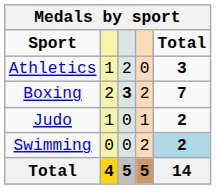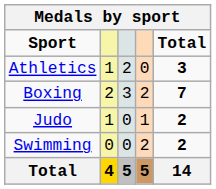 <table class="wikitable" style="font-size:85%; text-align:center;">
 <tr style="background:#efefef;">
 <th colspan=5><strong>Medals by sport</strong></th>
 </tr>
 <tr>
 <td><strong>Sport</strong></td>
 <td style="background:#f7f6a8;"></td>
 <td style="background:#dce5e5;"></td>
 <td style="background:#ffdab9;"></td>
 <td><strong>Total</strong></td>
 </tr>
 <tr>
 <td><a href='#'>Athletics</a></td>
 <td style="background:#F7F6A8;">1</td>
 <td style="background:#DCE5E5;">2</td>
 <td style="background:#FFDAB9;">0</td>
 <td><strong>3</strong></td>
 </tr>
 <tr>
 <td><a href='#'>Boxing</a></td>
 <td style="background:#F7F6A8;">2</td>
-<td style="background:#DCE5E5;"><strong>3</strong></td>
+<td style="background:#DCE5E5;">3</td>
 <td style="background:#FFDAB9;">2</td>
 <td><strong>7</strong></td>
 </tr>
 <tr>
 <td><a href='#'>Judo</a></td>
 <td style="background:#F7F6A8;">1</td>
 <td style="background:#DCE5E5;">0</td>
 <td style="background:#FFDAB9;">1</td>
 <td><strong>2</strong></td>
 </tr>
 <tr>
 <td><a href='#'>Swimming</a></td>
 <td style="background:#F7F6A8;">0</td>
 <td style="background:#DCE5E5;">0</td>
 <td style="background:#FFDAB9;">2</td>
-<td style="background: lightblue;"><strong>2</strong></td>
+<td><strong>2</strong></td>
 </tr>
 <tr>
 <th>Total</th>
 <th style="background:gold;">4</th>
 <th style="background:silver;">5</th>
 <th style="background:#c96;">5</th>
 <th>14</th>
 </tr>
 </table>
